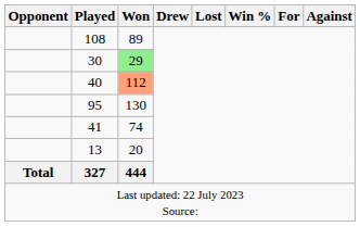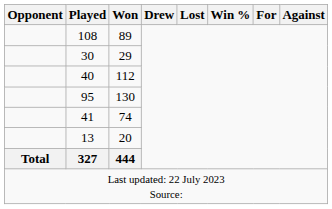 <table class="wikitable sortable collapsible">
 <tr>
 <th>Opponent</th>
 <th>Played</th>
 <th>Won</th>
 <th>Drew</th>
 <th>Lost</th>
 <th>Win %</th>
 <th>For</th>
 <th>Against</th>
 </tr>
 <tr align=center>
 <td align=left><br></td>
 <td>108</td>
 <td>89</td>
 </tr>
 <tr align=center>
 <td align=left><br></td>
 <td>30</td>
-<td style="background: lightgreen;">29</td>
+<td>29</td>
 </tr>
 <tr align=center>
 <td align=left><br></td>
 <td>40</td>
-<td style="background: lightsalmon;">112</td>
+<td>112</td>
 </tr>
 <tr align=center>
 <td align=left><br></td>
 <td>95</td>
 <td>130</td>
 </tr>
 <tr align=center>
 <td align=left><br></td>
 <td>41</td>
 <td>74</td>
 </tr>
 <tr align=center>
 <td align=left><br></td>
 <td>13</td>
 <td>20</td>
 </tr>
 <tr align=center>
 <th>Total<br></th>
 <th>327</th>
 <th>444</th>
 </tr>
 <tr>
 <td colspan=8 align=center><small>Last updated: 22 July 2023<br>Source: <br></small></td>
 </tr>
 </table>
